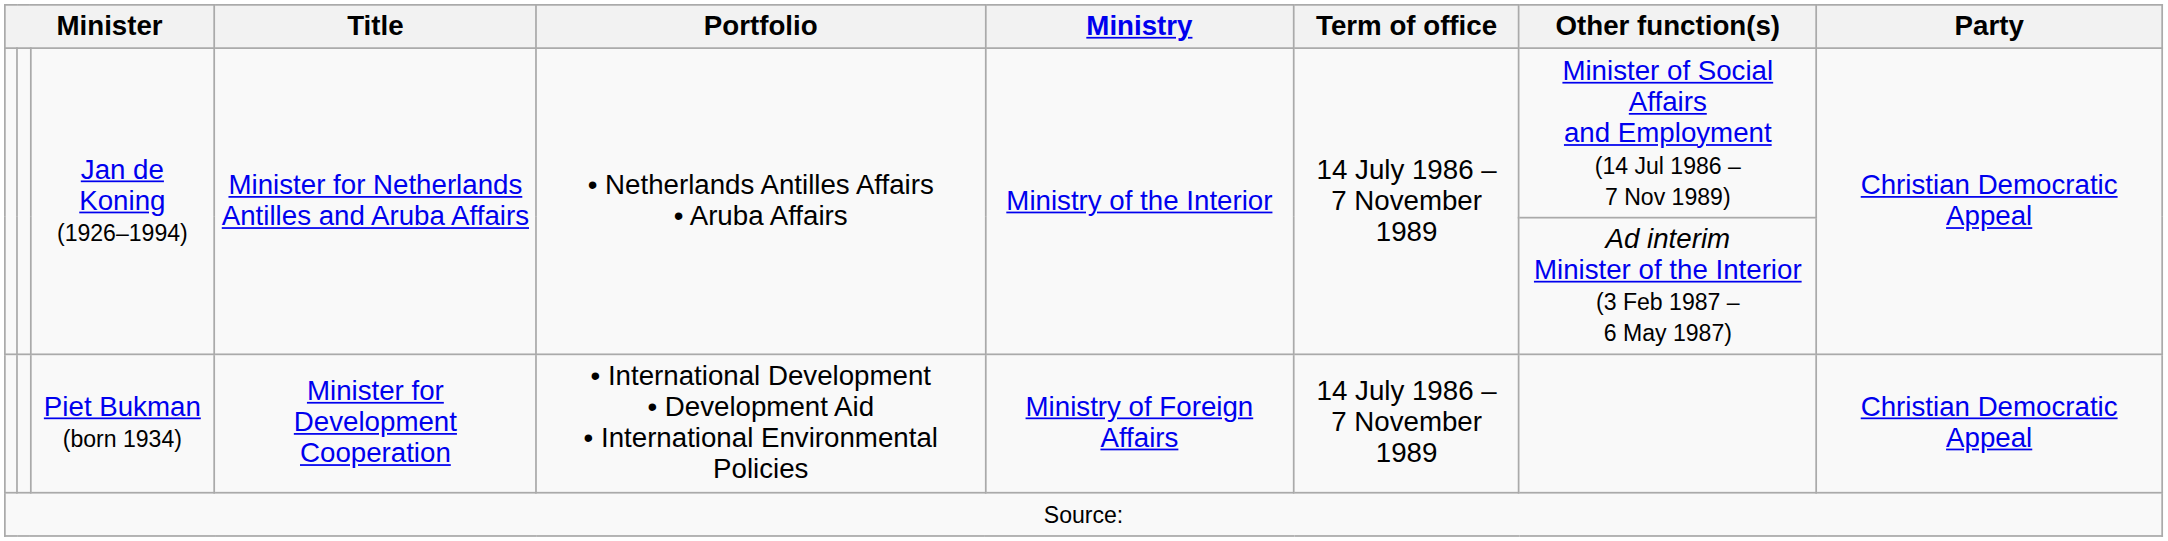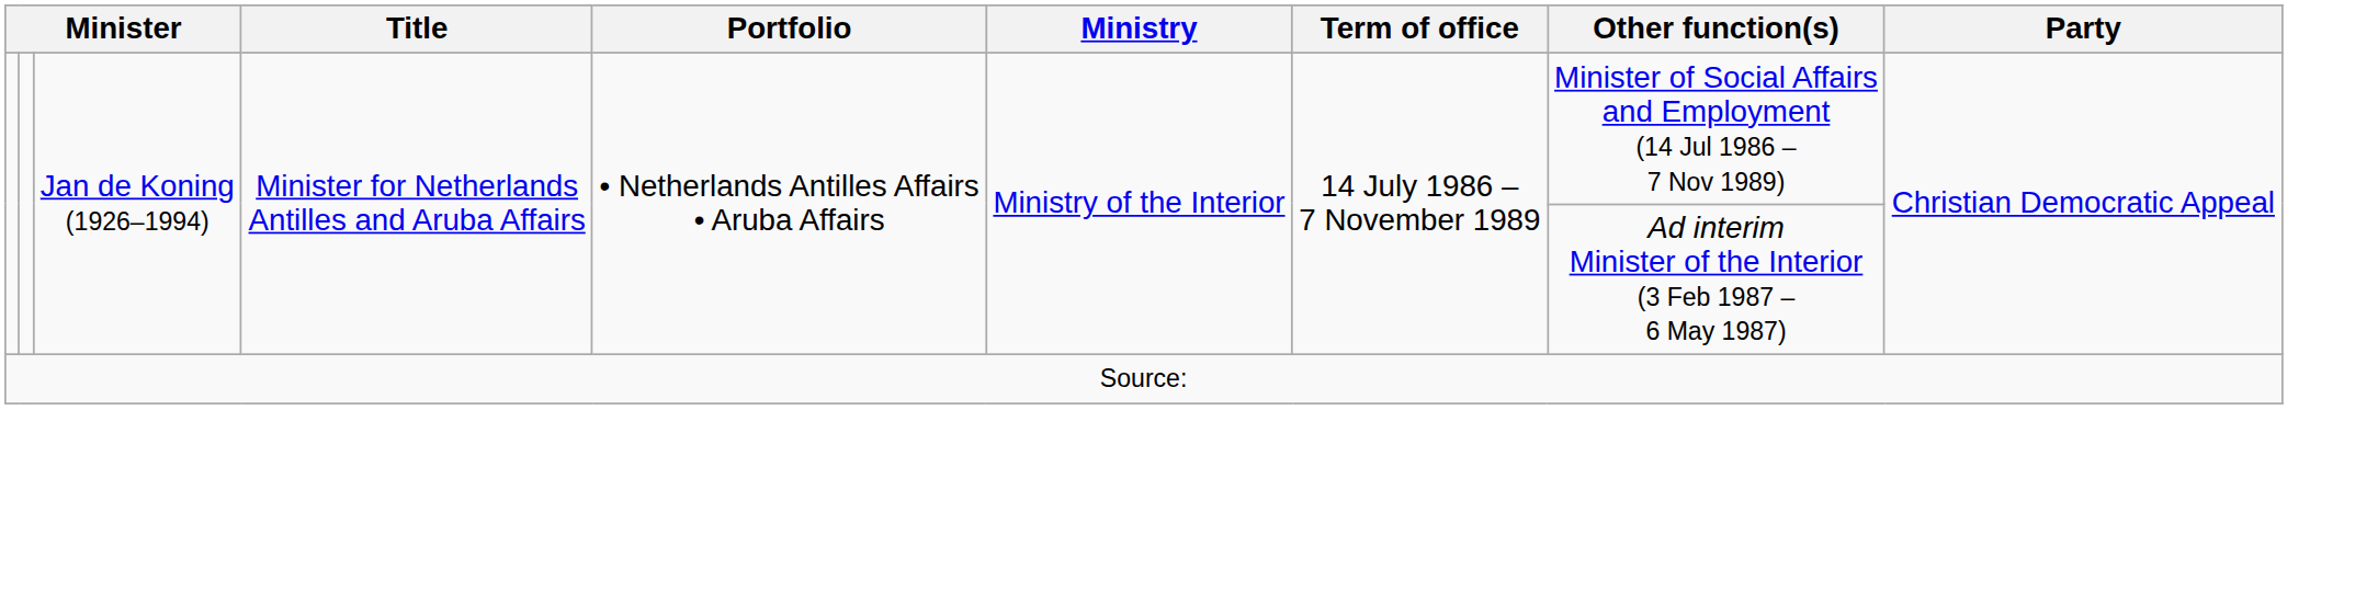 <table class="wikitable" style="text-align:center">
 <tr>
 <th colspan=3>Minister</th>
 <th>Title</th>
 <th>Portfolio</th>
 <th><a href='#'>Ministry</a></th>
 <th>Term of office</th>
 <th>Other function(s)</th>
 <th>Party</th>
 </tr>
 <tr>
 <td rowspan=2 style="background:"></td>
 <td rowspan=2></td>
 <td rowspan=2><a href='#'>Jan de Koning</a> <br> <small>(1926–1994)</small></td>
 <td rowspan=2><a href='#'>Minister for Netherlands <br> Antilles and Aruba Affairs</a></td>
 <td rowspan=2>• Netherlands Antilles Affairs <br> • Aruba Affairs</td>
 <td rowspan=2><a href='#'>Ministry of the Interior</a></td>
 <td rowspan=2>14 July 1986 – <br> 7 November 1989</td>
 <td><a href='#'>Minister of Social Affairs <br> and Employment</a> <br> <small>(14 Jul 1986 – <br> 7 Nov 1989)</small></td>
 <td rowspan=2><a href='#'>Christian Democratic Appeal</a></td>
 </tr>
 <tr>
 <td><em>Ad interim</em> <br> <a href='#'>Minister of the Interior</a> <br> <small>(3 Feb 1987 – <br> 6 May 1987)</small></td>
 </tr>
 <tr>
-<td style="background:"></td>
-<td></td>
-<td><a href='#'>Piet Bukman</a> <br> <small>(born 1934)</small></td>
-<td><a href='#'>Minister for <br> Development Cooperation</a></td>
-<td>• International Development <br> • Development Aid <br> • International Environmental Policies</td>
-<td><a href='#'>Ministry of Foreign Affairs</a></td>
-<td>14 July 1986 – <br> 7 November 1989</td>
-<td></td>
-<td><a href='#'>Christian Democratic Appeal</a></td>
-</tr>
-<tr>
 <td colspan=9><small>Source:</small></td>
 </tr>
 </table>
